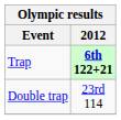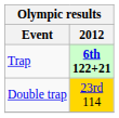 <table class="wikitable" style="text-align: center">
 <tr>
 <th colspan=4>Olympic results</th>
 </tr>
 <tr>
 <th>Event</th>
 <th>2012</th>
 </tr>
 <tr>
 <td align=left><a href='#'>Trap</a></td>
 <td style="background: #ccffcc"><strong><a href='#'>6th</a><br>122+21</strong></td>
 </tr>
 <tr>
 <td align=left><a href='#'>Double trap</a></td>
-<td><a href='#'>23rd</a><br>114</td>
+<td style="background: gold;"><a href='#'>23rd</a><br>114</td>
 </tr>
 <tr>
 </tr>
 </table>
